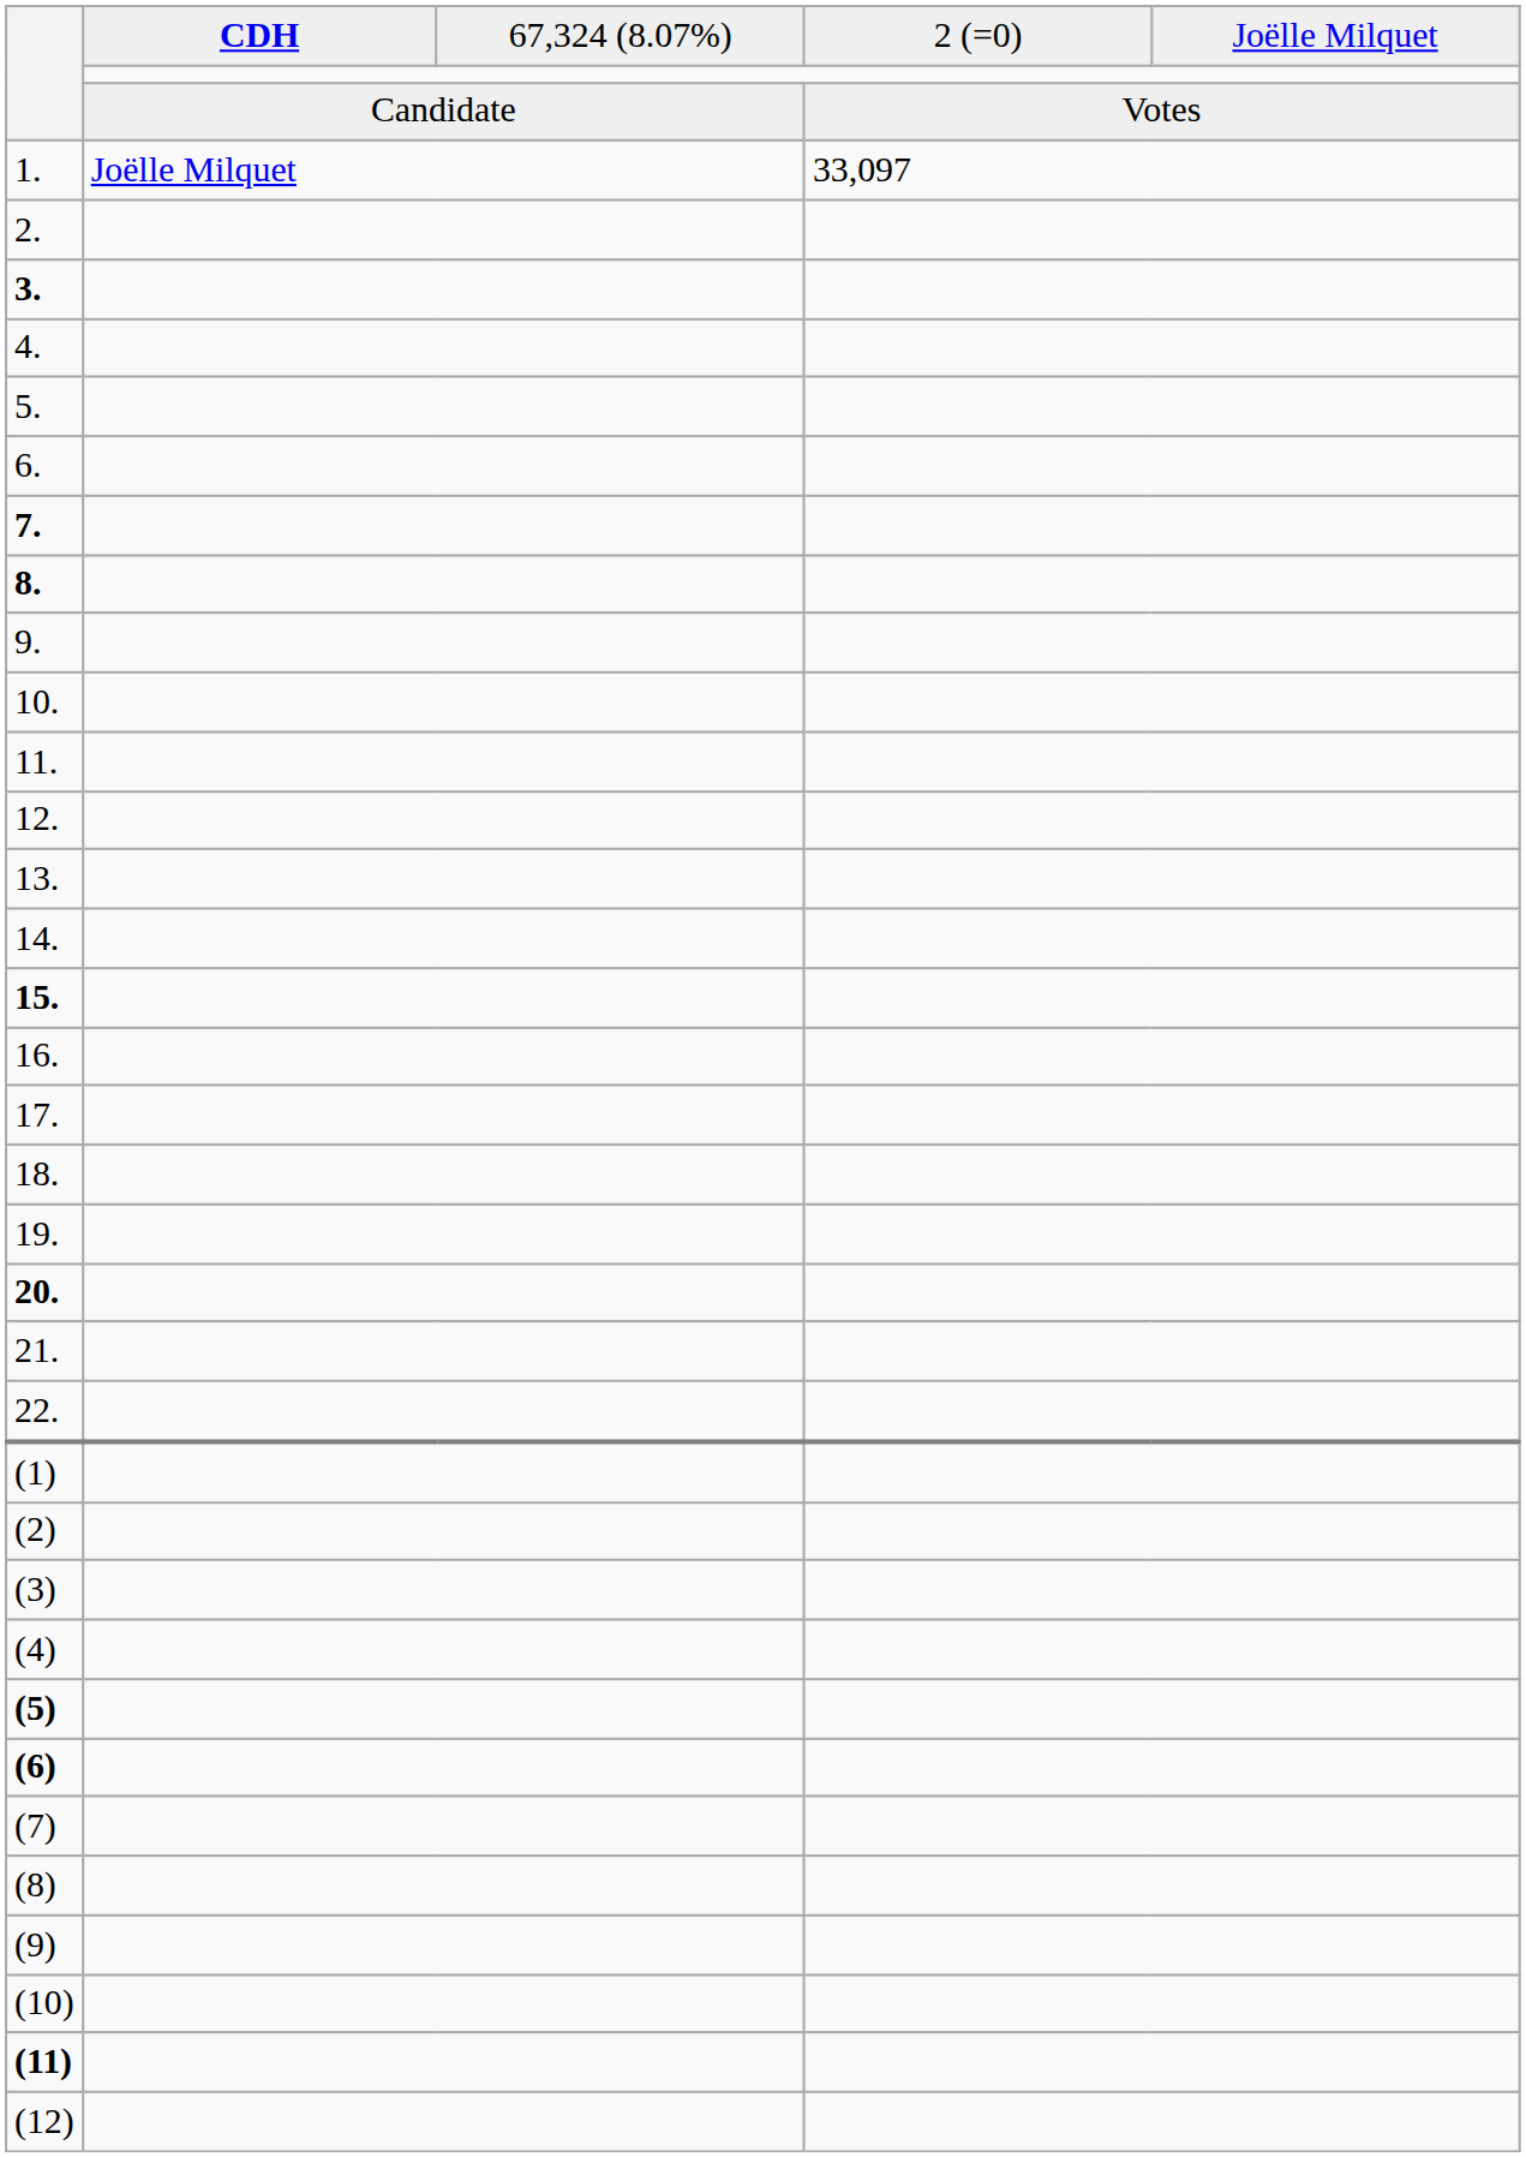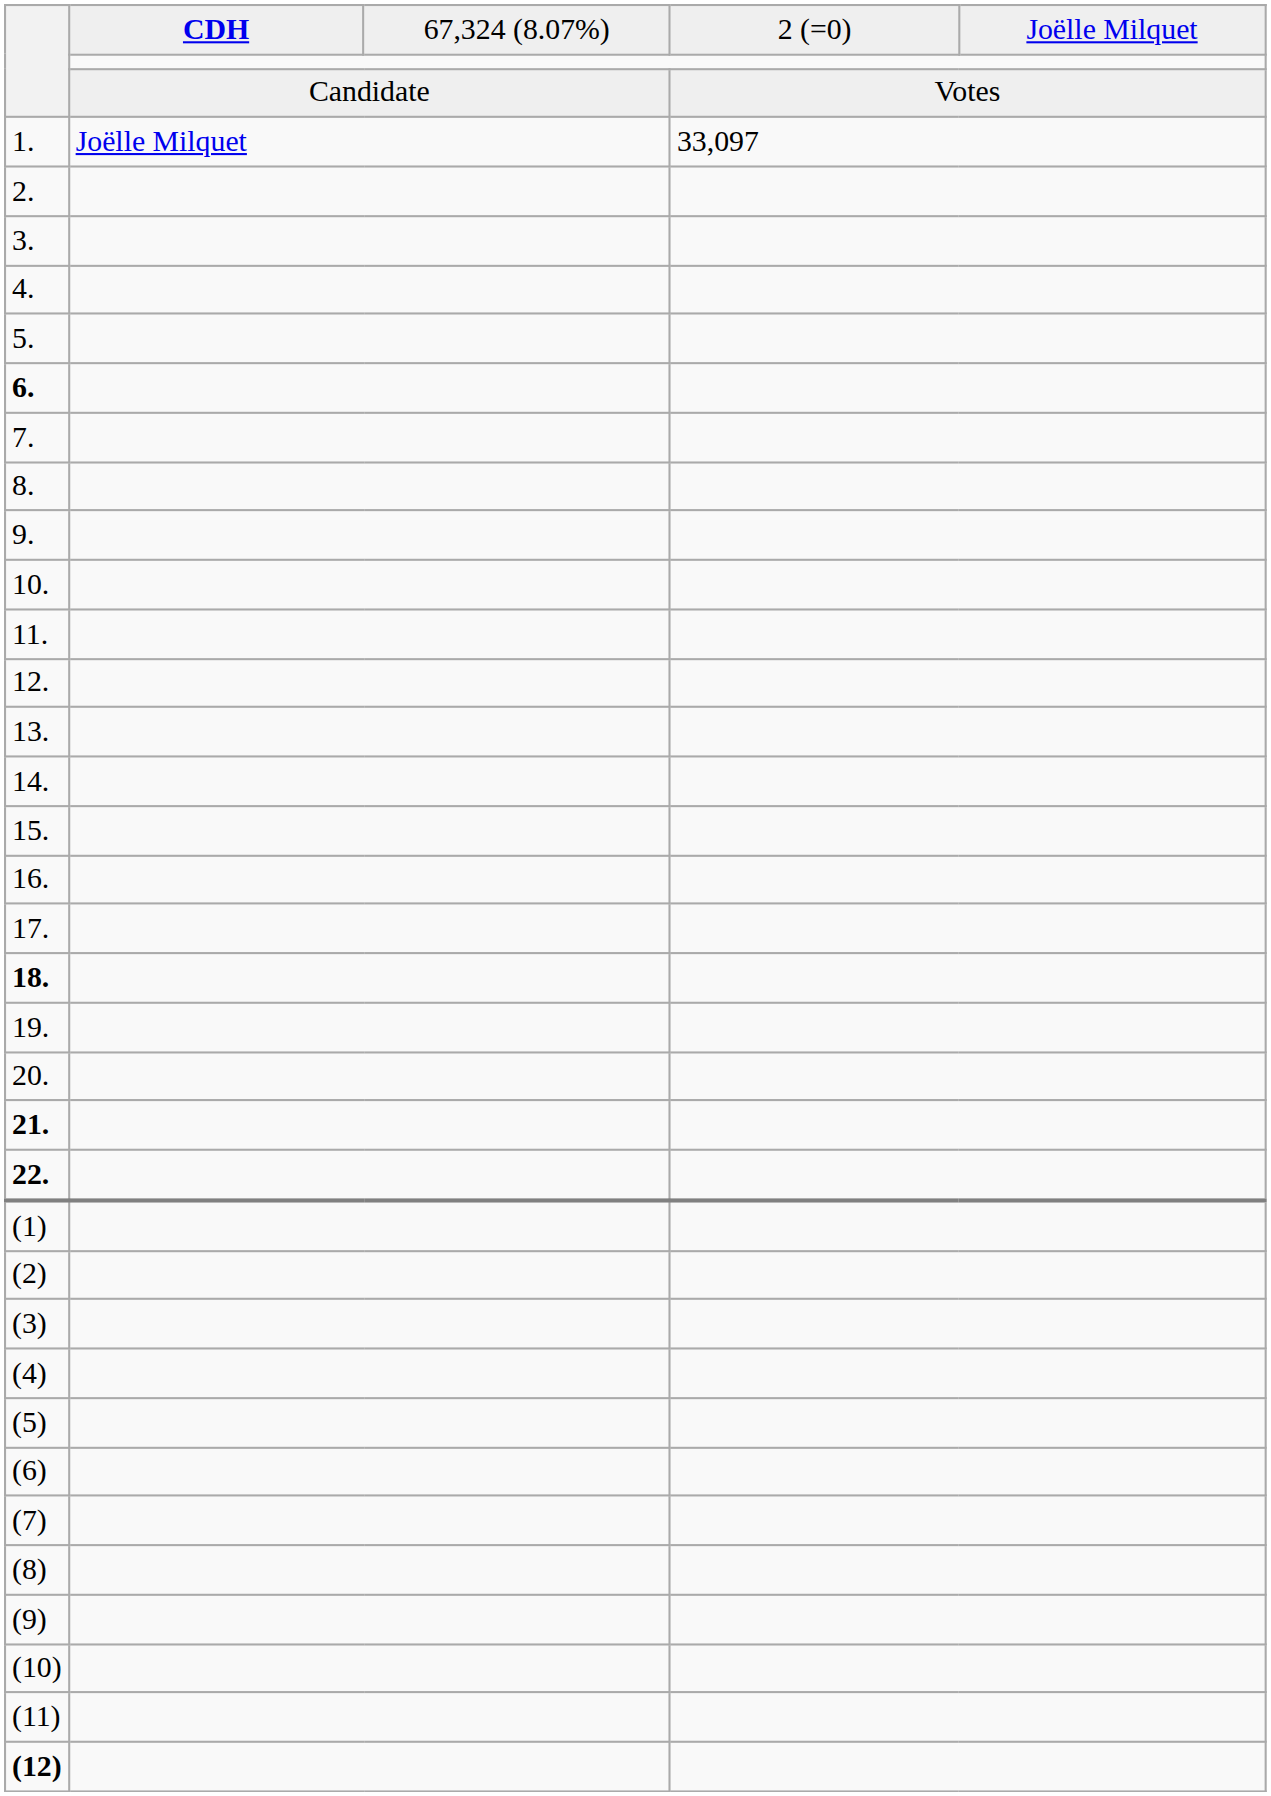 <table class="wikitable collapsible collapsed" style=text-align:left;font-size:90%>
 <tr>
 <th rowspan=3></th>
 <td bgcolor=efefef width=200 align=center><strong> <a href='#'>CDH</a></strong></td>
 <td bgcolor=efefef width=200 align=center>67,324 (8.07%)</td>
 <td bgcolor=efefef width=200 align=center>2 (=0)</td>
 <td bgcolor=efefef width=200 align=center><a href='#'>Joëlle Milquet</a></td>
 </tr>
 <tr>
 <td colspan=4 bgcolor=></td>
 </tr>
 <tr>
 <td bgcolor=efefef align=center colspan=2>Candidate</td>
 <td bgcolor=efefef align=center colspan=2>Votes</td>
 </tr>
 <tr>
 <td>1.</td>
 <td colspan=2><a href='#'>Joëlle Milquet</a></td>
 <td colspan=2>33,097</td>
 </tr>
 <tr>
 <td>2.</td>
 <td colspan=2></td>
 <td colspan=2></td>
 </tr>
 <tr>
-<td><strong>3.</strong></td>
+<td>3.</td>
 <td colspan=2></td>
 <td colspan=2></td>
 </tr>
 <tr>
 <td>4.</td>
 <td colspan=2></td>
 <td colspan=2></td>
 </tr>
 <tr>
 <td>5.</td>
 <td colspan=2></td>
 <td colspan=2></td>
 </tr>
 <tr>
-<td>6.</td>
+<td><strong>6.</strong></td>
 <td colspan=2></td>
 <td colspan=2></td>
 </tr>
 <tr>
-<td><strong>7.</strong></td>
+<td>7.</td>
 <td colspan=2></td>
 <td colspan=2></td>
 </tr>
 <tr>
-<td><strong>8.</strong></td>
+<td>8.</td>
 <td colspan=2></td>
 <td colspan=2></td>
 </tr>
 <tr>
 <td>9.</td>
 <td colspan=2></td>
 <td colspan=2></td>
 </tr>
 <tr>
 <td>10.</td>
 <td colspan=2></td>
 <td colspan=2></td>
 </tr>
 <tr>
 <td>11.</td>
 <td colspan=2></td>
 <td colspan=2></td>
 </tr>
 <tr>
 <td>12.</td>
 <td colspan=2></td>
 <td colspan=2></td>
 </tr>
 <tr>
 <td>13.</td>
 <td colspan=2></td>
 <td colspan=2></td>
 </tr>
 <tr>
 <td>14.</td>
 <td colspan=2></td>
 <td colspan=2></td>
 </tr>
 <tr>
-<td><strong>15.</strong></td>
+<td>15.</td>
 <td colspan=2></td>
 <td colspan=2></td>
 </tr>
 <tr>
 <td>16.</td>
 <td colspan=2></td>
 <td colspan=2></td>
 </tr>
 <tr>
 <td>17.</td>
 <td colspan=2></td>
 <td colspan=2></td>
 </tr>
 <tr>
-<td>18.</td>
+<td><strong>18.</strong></td>
 <td colspan=2></td>
 <td colspan=2></td>
 </tr>
 <tr>
 <td>19.</td>
 <td colspan=2></td>
 <td colspan=2></td>
 </tr>
 <tr>
-<td><strong>20.</strong></td>
+<td>20.</td>
 <td colspan=2></td>
 <td colspan=2></td>
 </tr>
 <tr>
-<td>21.</td>
+<td><strong>21.</strong></td>
 <td colspan=2></td>
 <td colspan=2></td>
 </tr>
 <tr>
-<td>22.</td>
+<td><strong>22.</strong></td>
 <td colspan=2></td>
 <td colspan=2></td>
 </tr>
 <tr style="border-top:2px solid gray;">
 <td>(1)</td>
 <td colspan=2></td>
 <td colspan=2></td>
 </tr>
 <tr>
 <td>(2)</td>
 <td colspan=2></td>
 <td colspan=2></td>
 </tr>
 <tr>
 <td>(3)</td>
 <td colspan=2></td>
 <td colspan=2></td>
 </tr>
 <tr>
 <td>(4)</td>
 <td colspan=2></td>
 <td colspan=2></td>
 </tr>
 <tr>
-<td><strong>(5)</strong></td>
+<td>(5)</td>
 <td colspan=2></td>
 <td colspan=2></td>
 </tr>
 <tr>
-<td><strong>(6)</strong></td>
+<td>(6)</td>
 <td colspan=2></td>
 <td colspan=2></td>
 </tr>
 <tr>
 <td>(7)</td>
 <td colspan=2></td>
 <td colspan=2></td>
 </tr>
 <tr>
 <td>(8)</td>
 <td colspan=2></td>
 <td colspan=2></td>
 </tr>
 <tr>
 <td>(9)</td>
 <td colspan=2></td>
 <td colspan=2></td>
 </tr>
 <tr>
 <td>(10)</td>
 <td colspan=2></td>
 <td colspan=2></td>
 </tr>
 <tr>
-<td><strong>(11)</strong></td>
+<td>(11)</td>
 <td colspan=2></td>
 <td colspan=2></td>
 </tr>
 <tr>
-<td>(12)</td>
+<td><strong>(12)</strong></td>
 <td colspan=2></td>
 <td colspan=2></td>
 </tr>
 </table>
